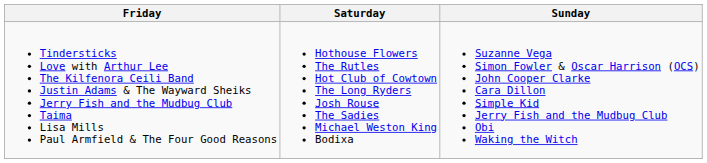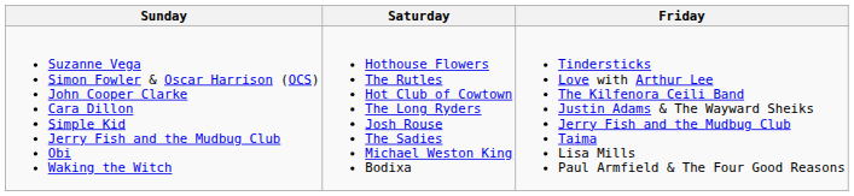 <table class="wikitable">
 <tr>
+<th>Sunday</th>
+<th>Saturday</th>
 <th>Friday</th>
-<th>Saturday</th>
-<th>Sunday</th>
 </tr>
 <tr valign="top">
+<td><br><ul><li><a href='#'>Suzanne Vega</a></li><li><a href='#'>Simon Fowler</a> & <a href='#'>Oscar Harrison</a> (<a href='#'>OCS</a>)</li><li><a href='#'>John Cooper Clarke</a></li><li><a href='#'>Cara Dillon</a></li><li><a href='#'>Simple Kid</a></li><li><a href='#'>Jerry Fish and the Mudbug Club</a></li><li><a href='#'>Obi</a></li><li><a href='#'>Waking the Witch</a></li></ul></td>
+<td><br><ul><li><a href='#'>Hothouse Flowers</a></li><li><a href='#'>The Rutles</a></li><li><a href='#'>Hot Club of Cowtown</a></li><li><a href='#'>The Long Ryders</a></li><li><a href='#'>Josh Rouse</a></li><li><a href='#'>The Sadies</a></li><li><a href='#'>Michael Weston King</a></li><li>Bodixa</li></ul></td>
 <td><br><ul><li><a href='#'>Tindersticks</a></li><li><a href='#'>Love</a> with <a href='#'>Arthur Lee</a></li><li><a href='#'>The Kilfenora Ceili Band</a></li><li><a href='#'>Justin Adams</a> & The Wayward Sheiks</li><li><a href='#'>Jerry Fish and the Mudbug Club</a></li><li><a href='#'>Taima</a></li><li>Lisa Mills</li><li>Paul Armfield & The Four Good Reasons</li></ul></td>
-<td><br><ul><li><a href='#'>Hothouse Flowers</a></li><li><a href='#'>The Rutles</a></li><li><a href='#'>Hot Club of Cowtown</a></li><li><a href='#'>The Long Ryders</a></li><li><a href='#'>Josh Rouse</a></li><li><a href='#'>The Sadies</a></li><li><a href='#'>Michael Weston King</a></li><li>Bodixa</li></ul></td>
-<td><br><ul><li><a href='#'>Suzanne Vega</a></li><li><a href='#'>Simon Fowler</a> & <a href='#'>Oscar Harrison</a> (<a href='#'>OCS</a>)</li><li><a href='#'>John Cooper Clarke</a></li><li><a href='#'>Cara Dillon</a></li><li><a href='#'>Simple Kid</a></li><li><a href='#'>Jerry Fish and the Mudbug Club</a></li><li><a href='#'>Obi</a></li><li><a href='#'>Waking the Witch</a></li></ul></td>
 </tr>
 </table>
